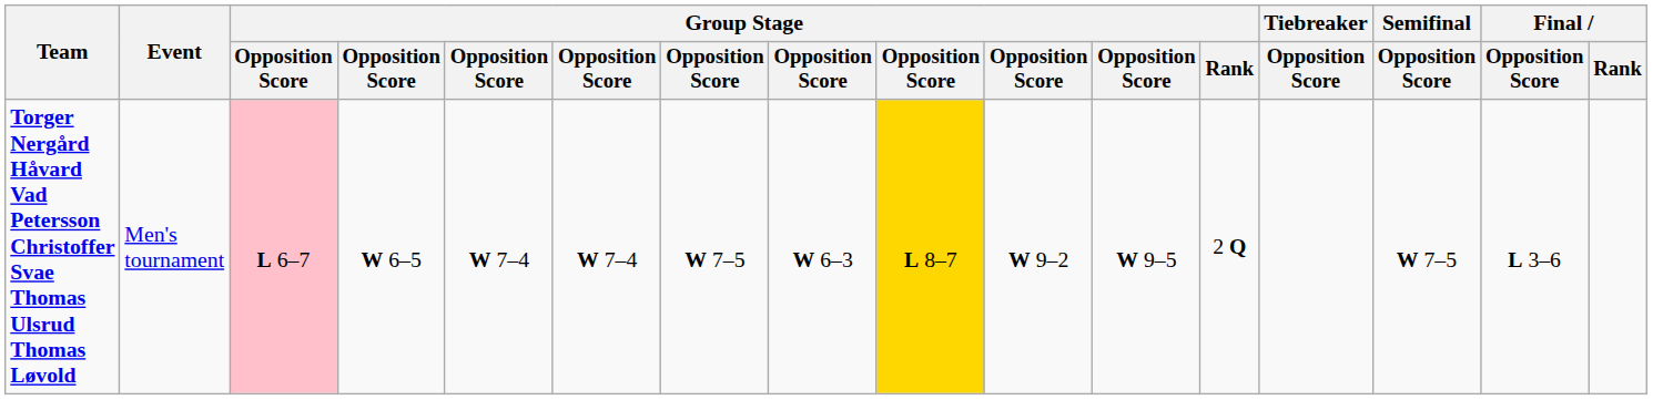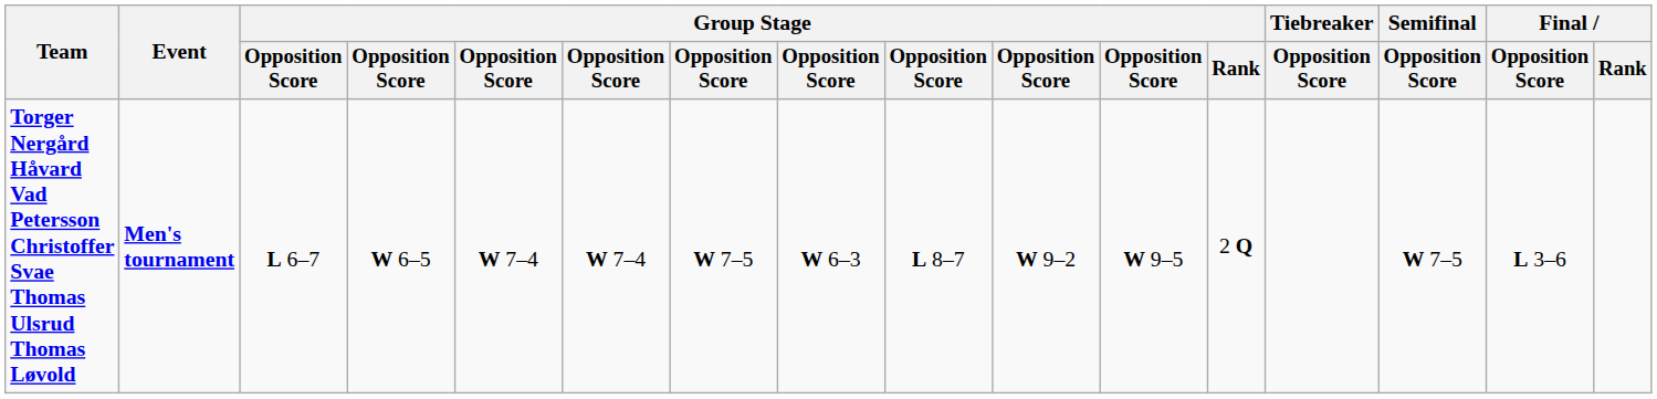 <table class="wikitable" style="font-size:90%">
 <tr>
 <th rowspan=2>Team</th>
 <th rowspan=2>Event</th>
 <th colspan=10>Group Stage</th>
 <th>Tiebreaker</th>
 <th>Semifinal</th>
 <th colspan=2>Final / </th>
 </tr>
 <tr style="font-size:95%">
 <th>Opposition<br>Score</th>
 <th>Opposition<br>Score</th>
 <th>Opposition<br>Score</th>
 <th>Opposition<br>Score</th>
 <th>Opposition<br>Score</th>
 <th>Opposition<br>Score</th>
 <th>Opposition<br>Score</th>
 <th>Opposition<br>Score</th>
 <th>Opposition<br>Score</th>
 <th>Rank</th>
 <th>Opposition<br>Score</th>
 <th>Opposition<br>Score</th>
 <th>Opposition<br>Score</th>
 <th>Rank</th>
 </tr>
 <tr align=center>
 <td align=left><strong><a href='#'>Torger Nergård</a><br><a href='#'>Håvard Vad Petersson</a><br><a href='#'>Christoffer Svae</a><br><a href='#'>Thomas Ulsrud</a><br><a href='#'>Thomas Løvold</a></strong></td>
-<td align=left><a href='#'>Men's tournament</a></td>
-<td style="background: pink;"><br><strong>L</strong> 6–7</td>
+<td align=left><strong><a href='#'>Men's tournament</a></strong></td>
+<td><br><strong>L</strong> 6–7</td>
 <td><br><strong>W</strong> 6–5</td>
 <td><br><strong>W</strong> 7–4</td>
 <td><br><strong>W</strong> 7–4</td>
 <td><br><strong>W</strong> 7–5</td>
 <td><br><strong>W</strong> 6–3</td>
-<td style="background: gold;"><br><strong>L</strong> 8–7</td>
+<td><br><strong>L</strong> 8–7</td>
 <td><br><strong>W</strong> 9–2</td>
 <td><br><strong>W</strong> 9–5</td>
 <td>2 <strong>Q</strong></td>
 <td></td>
 <td><br><strong>W</strong> 7–5</td>
 <td><br><strong>L</strong> 3–6</td>
 <td></td>
 </tr>
 </table>
